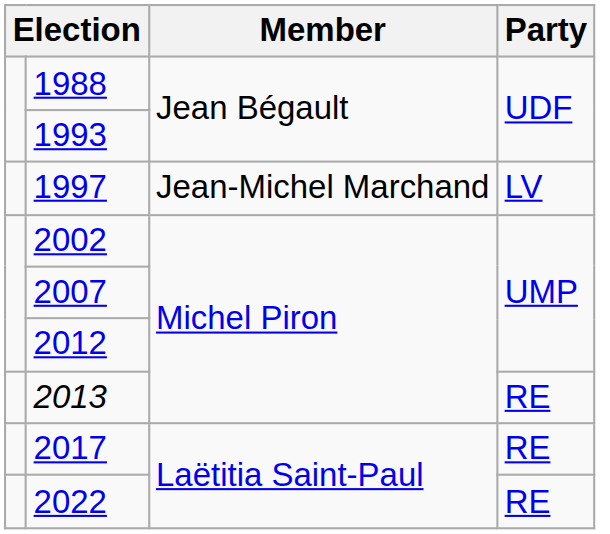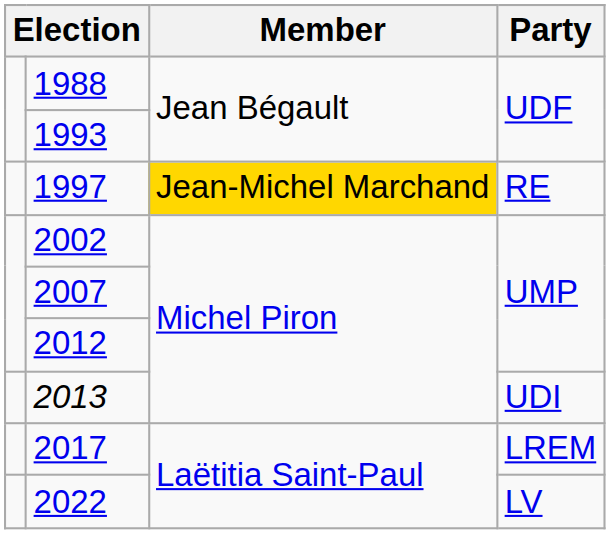 <table class="wikitable">
 <tr>
 <th colspan=2>Election</th>
 <th>Member</th>
 <th>Party</th>
 </tr>
 <tr>
 <td rowspan="2" style="background-color: "></td>
 <td><a href='#'>1988</a></td>
 <td rowspan="2">Jean Bégault</td>
 <td rowspan="2"><a href='#'>UDF</a></td>
 </tr>
 <tr>
 <td><a href='#'>1993</a></td>
 </tr>
 <tr>
 <td style="background-color: "></td>
 <td><a href='#'>1997</a></td>
-<td>Jean-Michel Marchand</td>
-<td><a href='#'>LV</a></td>
+<td style="background: gold;">Jean-Michel Marchand</td>
+<td><a href='#'>RE</a></td>
 </tr>
 <tr>
 <td rowspan="3" style="background-color: "></td>
 <td><a href='#'>2002</a></td>
 <td rowspan="4"><a href='#'>Michel Piron</a></td>
 <td rowspan="3"><a href='#'>UMP</a></td>
 </tr>
 <tr>
 <td><a href='#'>2007</a></td>
 </tr>
 <tr>
 <td><a href='#'>2012</a></td>
 </tr>
 <tr>
 <td style="background-color: "></td>
 <td><em>2013</em></td>
-<td><a href='#'>RE</a></td>
+<td><a href='#'>UDI</a></td>
 </tr>
 <tr>
 <td style="background-color: "></td>
 <td><a href='#'>2017</a></td>
 <td rowspan="2"><a href='#'>Laëtitia Saint-Paul</a></td>
-<td><a href='#'>RE</a></td>
+<td><a href='#'>LREM</a></td>
 </tr>
 <tr>
 <td style="background-color: "></td>
 <td><a href='#'>2022</a></td>
-<td><a href='#'>RE</a></td>
+<td><a href='#'>LV</a></td>
 </tr>
 </table>
